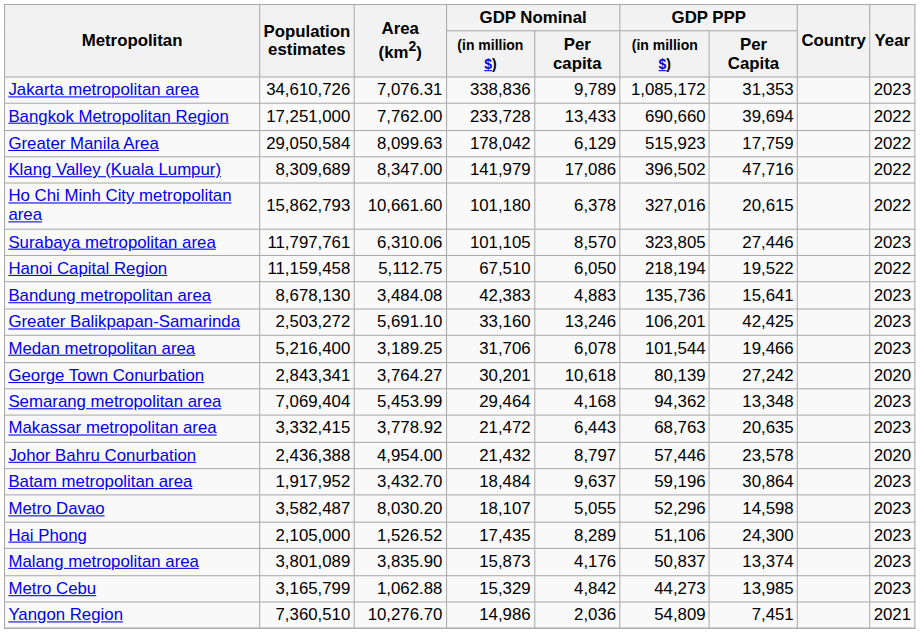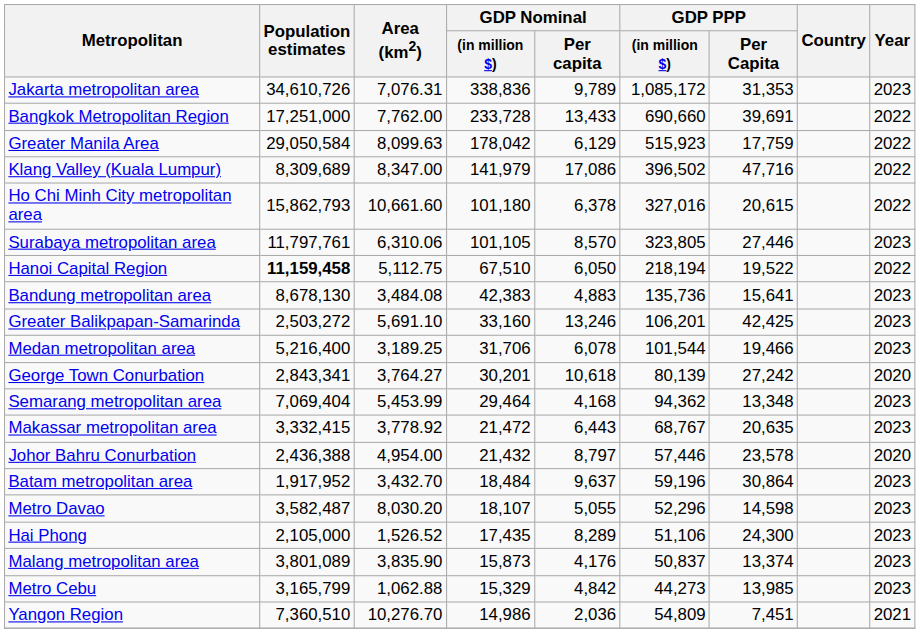 <table class="wikitable sortable sticky-header-multi static-row-numbers" style="text-align:center;">
 <tr>
 <th rowspan="2">Metropolitan</th>
 <th rowspan="2">Population<br>estimates</th>
 <th rowspan="2">Area (km<sup>2</sup>)</th>
 <th scope="col" colspan="2">GDP Nominal</th>
 <th scope="col" colspan="2">GDP PPP</th>
 <th rowspan="2">Country</th>
 <th rowspan="2">Year</th>
 </tr>
 <tr>
 <th scope="col"><small>(in million <a href='#'>$</a>)</small></th>
 <th>Per capita</th>
 <th scope="col"><small>(in million <a href='#'>$</a>)</small></th>
 <th>Per Capita</th>
 </tr>
 <tr>
 <td ! scope="row" style="text-align: left; font-weight: normal;"><a href='#'>Jakarta metropolitan area</a></td>
 <td align=right>34,610,726</td>
 <td align=right>7,076.31</td>
 <td align=right>338,836</td>
 <td align=right>9,789</td>
 <td align=right>1,085,172</td>
 <td align=right>31,353</td>
 <td></td>
 <td align=right>2023</td>
 </tr>
 <tr>
 <td ! scope="row" style="text-align: left; font-weight: normal;"><a href='#'>Bangkok Metropolitan Region</a></td>
 <td align=right>17,251,000</td>
 <td align=right>7,762.00</td>
 <td align=right>233,728</td>
 <td align=right>13,433</td>
 <td align=right>690,660</td>
-<td align=right>39,694</td>
+<td align=right>39,691</td>
 <td></td>
 <td align=right>2022</td>
 </tr>
 <tr>
 <td ! scope="row" style="text-align: left; font-weight: normal;"><a href='#'>Greater Manila Area</a></td>
 <td align=right>29,050,584</td>
 <td align=right>8,099.63</td>
 <td align=right>178,042</td>
 <td align=right>6,129</td>
 <td align=right>515,923</td>
 <td align=right>17,759</td>
 <td></td>
 <td align=right>2022</td>
 </tr>
 <tr>
 <td ! scope="row" style="text-align: left; font-weight: normal;"><a href='#'>Klang Valley (Kuala Lumpur)</a></td>
 <td align=right>8,309,689</td>
 <td align=right>8,347.00</td>
 <td align=right>141,979</td>
 <td align=right>17,086</td>
 <td align=right>396,502</td>
 <td align=right>47,716</td>
 <td></td>
 <td align=right>2022</td>
 </tr>
 <tr>
 <td ! scope="row" style="text-align: left; font-weight: normal;"><a href='#'>Ho Chi Minh City metropolitan area</a></td>
 <td align=right>15,862,793</td>
 <td align=right>10,661.60</td>
 <td align=right>101,180</td>
 <td align=right>6,378</td>
 <td align=right>327,016</td>
 <td align=right>20,615</td>
 <td></td>
 <td align=right>2022</td>
 </tr>
 <tr>
 <td ! scope="row" style="text-align: left; font-weight: normal;"><a href='#'>Surabaya metropolitan area</a></td>
 <td align=right>11,797,761</td>
 <td align=right>6,310.06</td>
 <td align=right>101,105</td>
 <td align=right>8,570</td>
 <td align=right>323,805</td>
 <td align=right>27,446</td>
 <td></td>
 <td align=right>2023</td>
 </tr>
 <tr>
 <td ! scope="row" style="text-align: left; font-weight: normal;"><a href='#'>Hanoi Capital Region</a></td>
-<td align=right>11,159,458</td>
+<td align=right><strong>11,159,458</strong></td>
 <td align=right>5,112.75</td>
 <td align=right>67,510</td>
 <td align=right>6,050</td>
 <td align=right>218,194</td>
 <td align=right>19,522</td>
 <td></td>
 <td align=right>2022</td>
 </tr>
 <tr>
 <td ! scope="row" style="text-align: left; font-weight: normal;"><a href='#'>Bandung metropolitan area</a></td>
 <td align=right>8,678,130</td>
 <td align=right>3,484.08</td>
 <td align=right>42,383</td>
 <td align=right>4,883</td>
 <td align=right>135,736</td>
 <td align=right>15,641</td>
 <td></td>
 <td align=right>2023</td>
 </tr>
 <tr>
 <td ! scope="row" style="text-align: left; font-weight: normal;"><a href='#'>Greater Balikpapan-Samarinda</a></td>
 <td align="right">2,503,272</td>
 <td align="right">5,691.10</td>
 <td align=right>33,160</td>
 <td align="right">13,246</td>
 <td align="right">106,201</td>
 <td align="right">42,425</td>
 <td></td>
 <td align="right">2023</td>
 </tr>
 <tr>
 <td ! scope="row" style="text-align: left; font-weight: normal;"><a href='#'>Medan metropolitan area</a></td>
 <td align=right>5,216,400</td>
 <td align=right>3,189.25</td>
 <td align=right>31,706</td>
 <td align=right>6,078</td>
 <td align=right>101,544</td>
 <td align=right>19,466</td>
 <td></td>
 <td align=right>2023</td>
 </tr>
 <tr>
 <td ! scope="row" style="text-align: left; font-weight: normal;"><a href='#'>George Town Conurbation</a></td>
 <td align="right">2,843,341</td>
 <td align="right">3,764.27</td>
 <td align=right>30,201</td>
 <td align="right">10,618</td>
 <td align="right">80,139</td>
 <td align="right">27,242</td>
 <td></td>
 <td align="right">2020</td>
 </tr>
 <tr>
 <td ! scope="row" style="text-align: left; font-weight: normal;"><a href='#'>Semarang metropolitan area</a></td>
 <td align=right>7,069,404</td>
 <td align=right>5,453.99</td>
 <td align=right>29,464</td>
 <td align=right>4,168</td>
 <td align=right>94,362</td>
 <td align=right>13,348</td>
 <td></td>
 <td align=right>2023</td>
 </tr>
 <tr>
 <td ! scope="row" style="text-align: left; font-weight: normal;"><a href='#'>Makassar metropolitan area</a></td>
 <td align=right>3,332,415</td>
 <td align=right>3,778.92</td>
 <td align=right>21,472</td>
 <td align=right>6,443</td>
-<td align=right>68,763</td>
+<td align=right>68,767</td>
 <td align=right>20,635</td>
 <td></td>
 <td align=right>2023</td>
 </tr>
 <tr>
 <td ! scope="row" style="text-align: left; font-weight: normal;"><a href='#'>Johor Bahru Conurbation</a></td>
 <td align="right">2,436,388</td>
 <td align="right">4,954.00</td>
 <td align=right>21,432</td>
 <td align="right">8,797</td>
 <td align="right">57,446</td>
 <td align="right">23,578</td>
 <td></td>
 <td align="right">2020</td>
 </tr>
 <tr>
 <td ! scope="row" style="text-align: left; font-weight: normal;"><a href='#'>Batam metropolitan area</a></td>
 <td align=right>1,917,952</td>
 <td align=right>3,432.70</td>
 <td align=right>18,484</td>
 <td align=right>9,637</td>
 <td align=right>59,196</td>
 <td align=right>30,864</td>
 <td></td>
 <td align=right>2023</td>
 </tr>
 <tr>
 <td ! scope="row" style="text-align: left; font-weight: normal;"><a href='#'>Metro Davao</a></td>
 <td align=right>3,582,487</td>
 <td align=right>8,030.20</td>
 <td align=right>18,107</td>
 <td align=right>5,055</td>
 <td align=right>52,296</td>
 <td align=right>14,598</td>
 <td></td>
 <td align=right>2023</td>
 </tr>
 <tr>
 <td ! scope="row" style="text-align: left; font-weight: normal;"><a href='#'>Hai Phong</a></td>
 <td align="right">2,105,000</td>
 <td align="right">1,526.52</td>
 <td align=right>17,435</td>
 <td align="right">8,289</td>
 <td align="right">51,106</td>
 <td align="right">24,300</td>
 <td></td>
 <td align="right">2023</td>
 </tr>
 <tr>
 <td ! scope="row" style="text-align: left; font-weight: normal;"><a href='#'>Malang metropolitan area</a></td>
 <td align=right>3,801,089</td>
 <td align=right>3,835.90</td>
 <td align=right>15,873</td>
 <td align=right>4,176</td>
 <td align=right>50,837</td>
 <td align=right>13,374</td>
 <td></td>
 <td align=right>2023</td>
 </tr>
 <tr>
 <td ! scope="row" style="text-align: left; font-weight: normal;"><a href='#'>Metro Cebu</a></td>
 <td align=right>3,165,799</td>
 <td align=right>1,062.88</td>
 <td align=right>15,329</td>
 <td align=right>4,842</td>
 <td align=right>44,273</td>
 <td align=right>13,985</td>
 <td></td>
 <td align=right>2023</td>
 </tr>
 <tr>
 <td ! scope="row" style="text-align: left; font-weight: normal;"><a href='#'>Yangon Region</a></td>
 <td align=right>7,360,510</td>
 <td align=right>10,276.70</td>
 <td align=right>14,986</td>
 <td align=right>2,036</td>
 <td align=right>54,809</td>
 <td align=right>7,451</td>
 <td></td>
 <td align=right>2021</td>
 </tr>
 <tr>
 </tr>
 </table>
